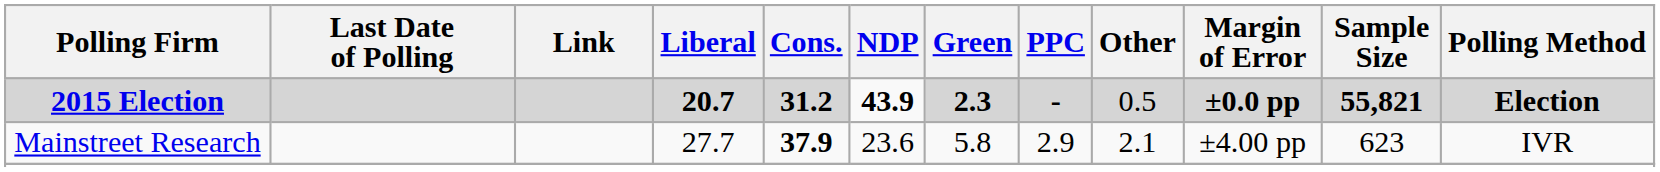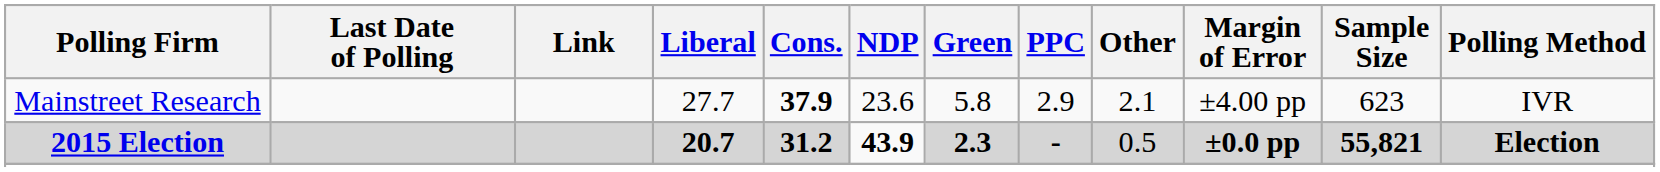 <table class="wikitable sortable" style="text-align:center;font-size:90%;line-height:14px;">
 <tr style="background:#e9e9e9;">
 <th style="width:120px">Polling Firm</th>
 <th style="width:110px">Last Date<br>of Polling</th>
 <th style="width:60px" class="unsortable">Link</th>
 <th style="background-color:"><strong><a href='#'>Liberal</a></strong></th>
 <th style="background-color:"><strong><a href='#'>Cons.</a></strong></th>
 <th style="background-color:"><strong><a href='#'>NDP</a></strong></th>
 <th style="background-color:"><strong><a href='#'>Green</a></strong></th>
 <th style="background-color:"><strong><a href='#'>PPC</a></strong></th>
 <th style="background-color:"><strong>Other</strong></th>
 <th style="width:60px;" class="unsortable">Margin<br>of Error</th>
 <th style="width:50px;" class="unsortable">Sample<br>Size</th>
 <th class="unsortable">Polling Method</th>
 </tr>
 <tr>
+<td><a href='#'>Mainstreet Research</a></td>
+<td></td>
+<td></td>
+<td>27.7</td>
+<td><strong>37.9</strong></td>
+<td>23.6</td>
+<td>5.8</td>
+<td>2.9</td>
+<td>2.1</td>
+<td>±4.00 pp</td>
+<td>623</td>
+<td>IVR</td>
+</tr>
+<tr>
 <td style="background:#D5D5D5"><strong><a href='#'>2015 Election</a></strong></td>
 <td style="background:#D5D5D5"><strong></strong></td>
 <td style="background:#D5D5D5"></td>
 <td style="background:#D5D5D5"><strong>20.7</strong></td>
 <td style="background:#D5D5D5"><strong>31.2</strong></td>
 <td><strong>43.9</strong></td>
 <td style="background:#D5D5D5"><strong>2.3</strong></td>
 <td style="background:#D5D5D5"><strong>-</strong></td>
 <td style="background:#D5D5D5">0.5</td>
 <td style="background:#D5D5D5"><strong>±0.0 pp</strong></td>
 <td style="background:#D5D5D5"><strong>55,821</strong></td>
 <td style="background:#D5D5D5"><strong>Election</strong></td>
 </tr>
 <tr>
-<td><a href='#'>Mainstreet Research</a></td>
-<td></td>
-<td></td>
-<td>27.7</td>
-<td><strong>37.9</strong></td>
-<td>23.6</td>
-<td>5.8</td>
-<td>2.9</td>
-<td>2.1</td>
-<td>±4.00 pp</td>
-<td>623</td>
-<td>IVR</td>
-</tr>
-<tr>
 </tr>
 <tr>
 </tr>
 </table>
